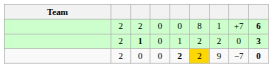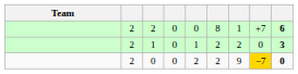 <table class="wikitable" style="text-align: center; font-size: 90%;">
 <tr>
 <th width=165>Team</th>
 <th width=25></th>
 <th width=25></th>
 <th width=25></th>
 <th width=25></th>
 <th width=25></th>
 <th width=25></th>
 <th width=25></th>
 <th width=25></th>
 </tr>
 <tr style="background:#ccffcc">
 <td style="text-align:left;"></td>
 <td>2</td>
 <td>2</td>
 <td>0</td>
 <td>0</td>
 <td>8</td>
 <td>1</td>
 <td>+7</td>
 <td><strong>6</strong></td>
 </tr>
 <tr style="background:#ccffcc">
 <td style="text-align:left;"></td>
 <td>2</td>
-<td><strong>1</strong></td>
+<td>1</td>
 <td>0</td>
 <td>1</td>
 <td>2</td>
 <td>2</td>
 <td>0</td>
 <td><strong>3</strong></td>
 </tr>
 <tr>
 <td style="text-align:left;"></td>
 <td>2</td>
 <td>0</td>
 <td>0</td>
-<td><strong>2</strong></td>
-<td style="background: gold;">2</td>
+<td>2</td>
+<td>2</td>
 <td>9</td>
-<td>−7</td>
+<td style="background: gold;">−7</td>
 <td><strong>0</strong></td>
 </tr>
 </table>
